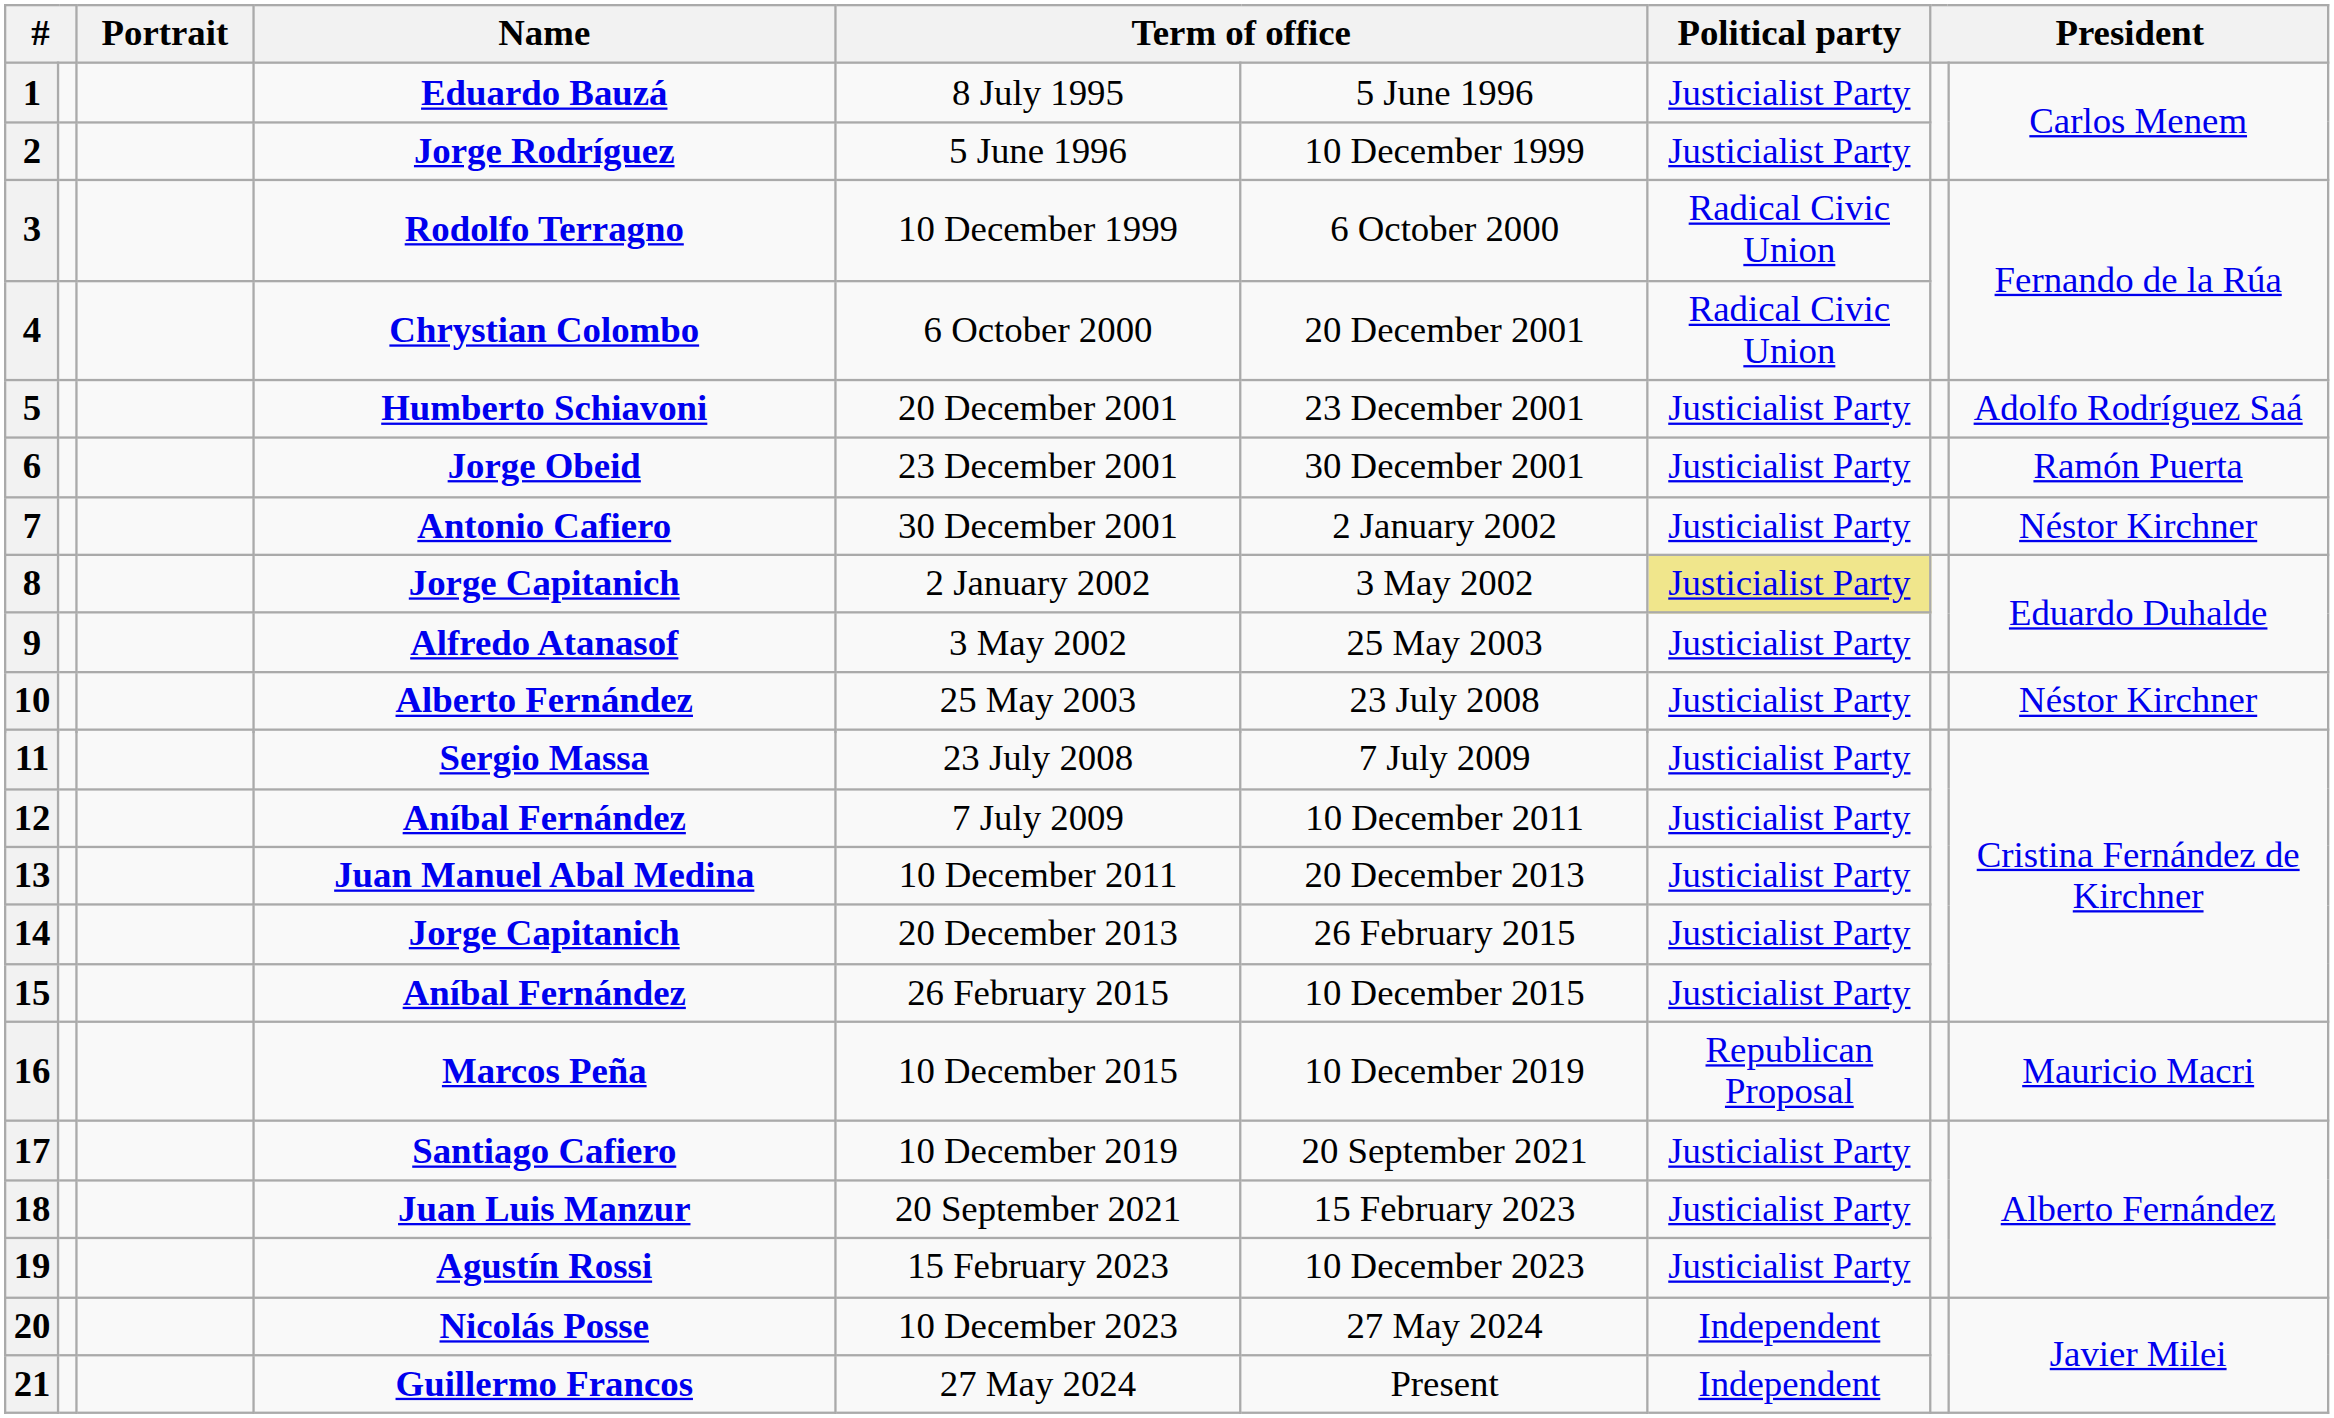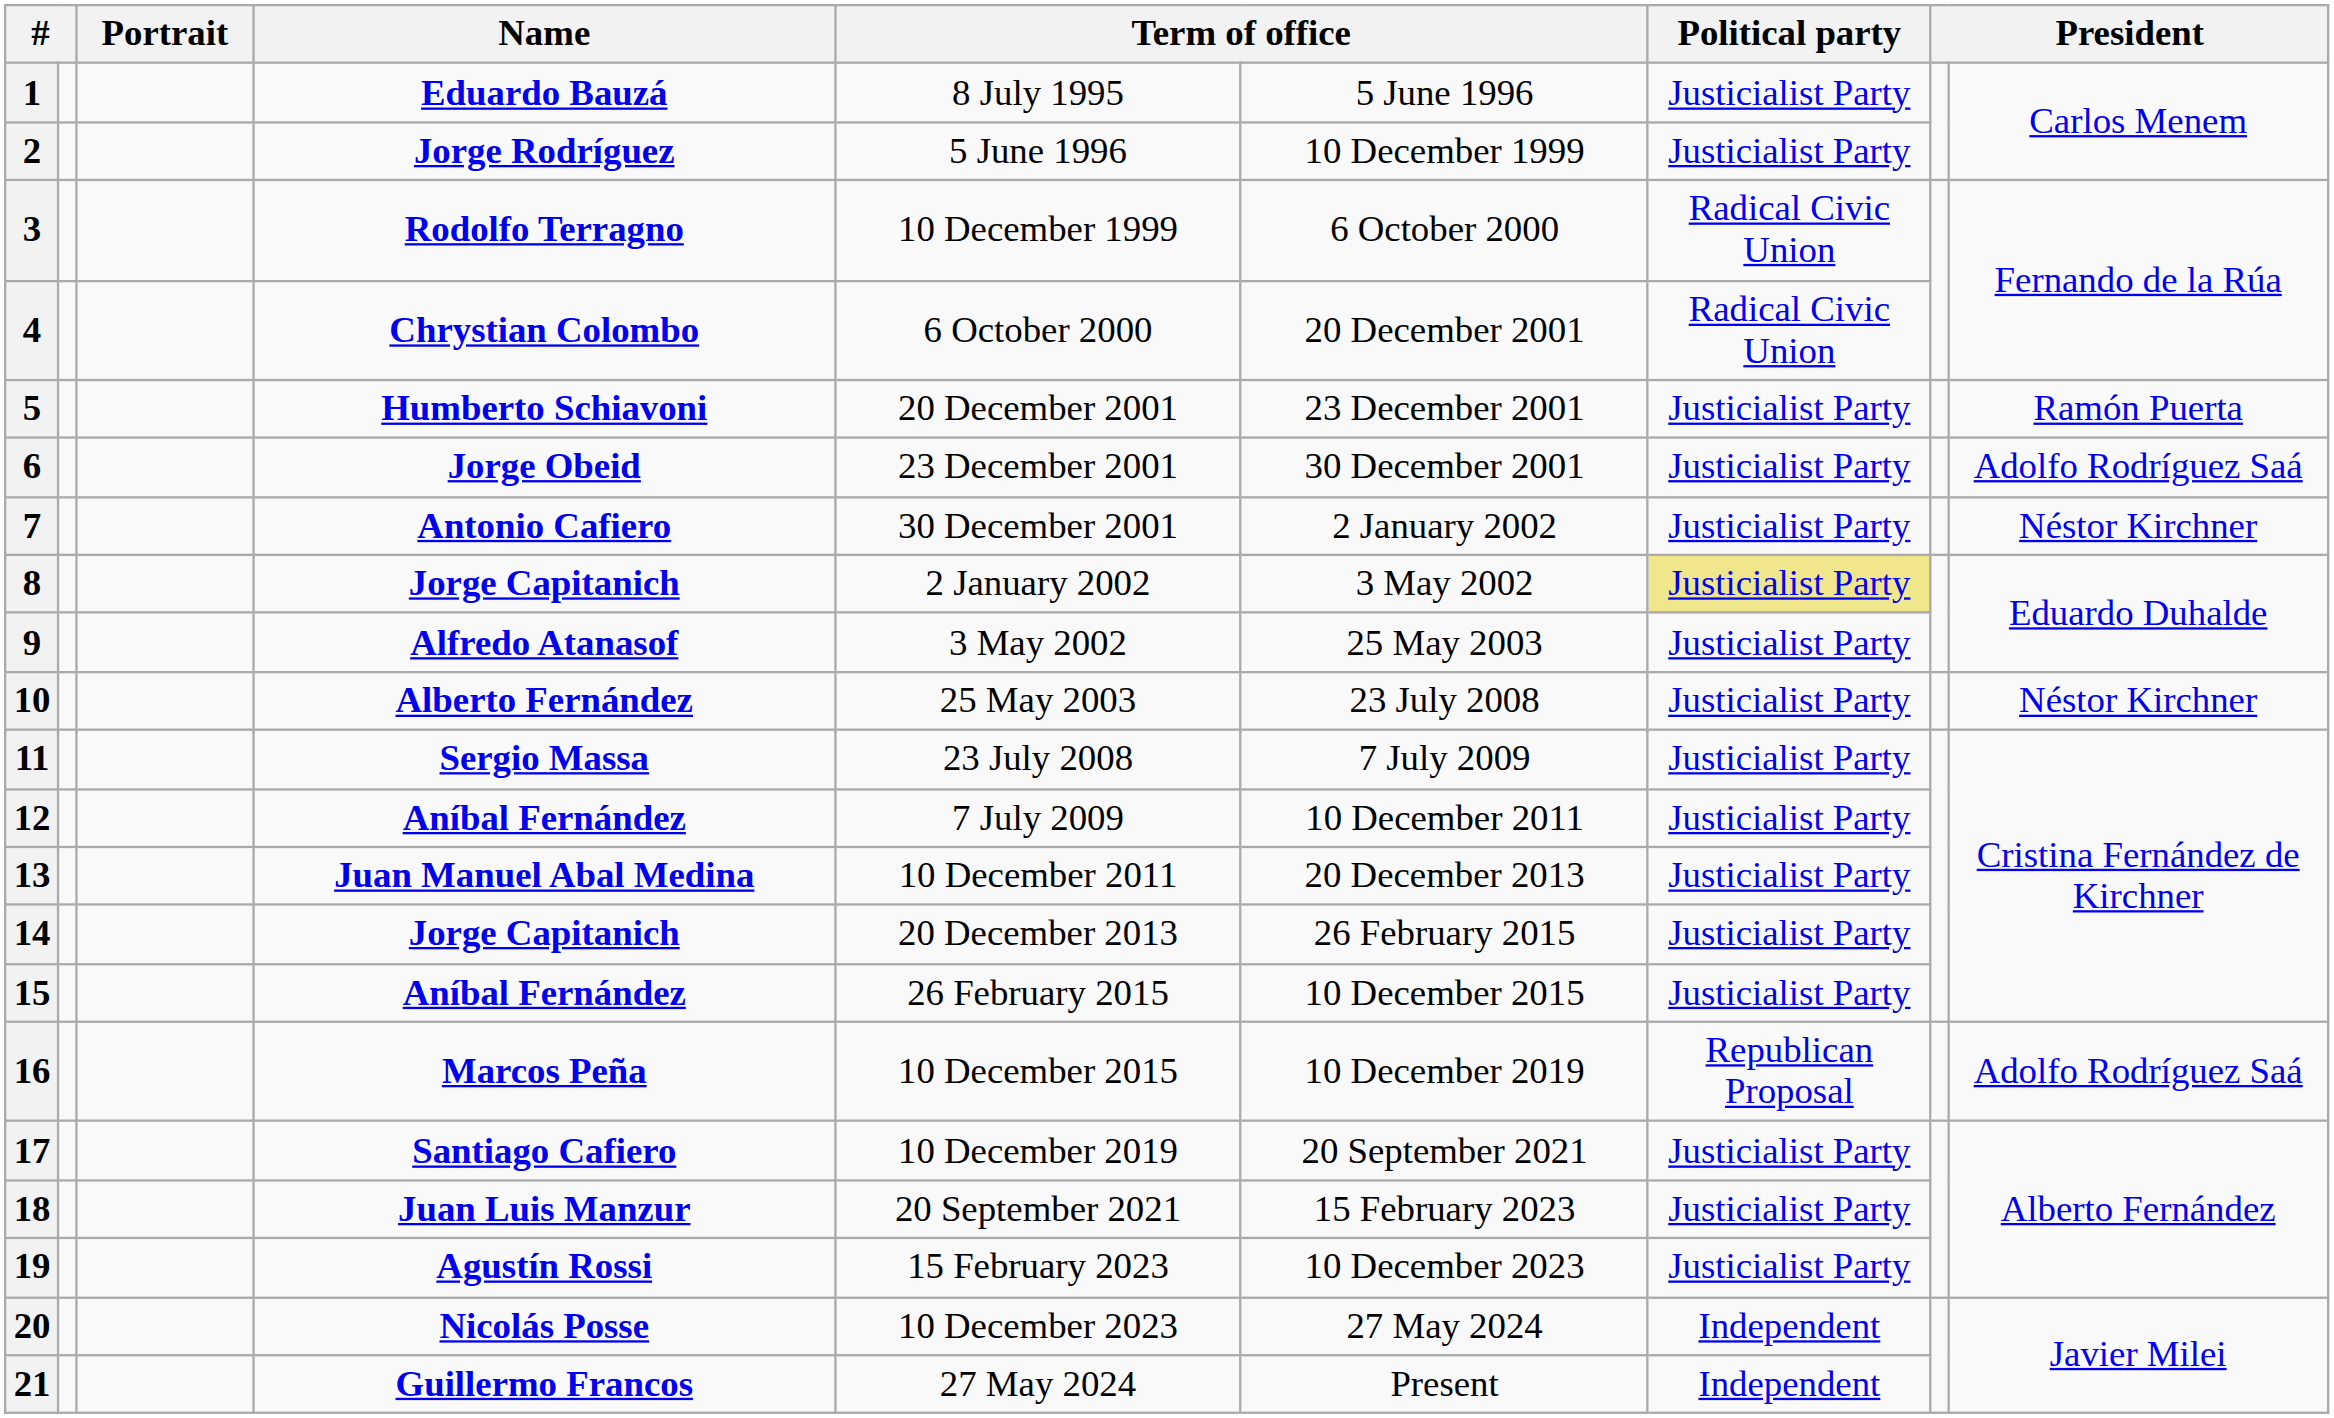 <table class="wikitable" style="width:80%; text-align:center;">
 <tr>
 <th colspan="2">#</th>
 <th width=70>Portrait</th>
 <th width=25%>Name<br></th>
 <th colspan="2" width=35%>Term of office</th>
 <th>Political party</th>
 <th colspan="2">President</th>
 </tr>
 <tr>
 <th>1</th>
 <td style="background-color: "></td>
 <td></td>
 <td><strong><a href='#'>Eduardo Bauzá</a></strong><br></td>
 <td>8 July 1995</td>
 <td>5 June 1996</td>
 <td><a href='#'>Justicialist Party</a></td>
 <td rowspan="2" style="background-color: "></td>
 <td rowspan="2" align="center"><a href='#'>Carlos Menem</a></td>
 </tr>
 <tr>
 <th>2</th>
 <td style="background-color: "></td>
 <td></td>
 <td><strong><a href='#'>Jorge Rodríguez</a></strong><br></td>
 <td>5 June 1996</td>
 <td>10 December 1999</td>
 <td><a href='#'>Justicialist Party</a></td>
 </tr>
 <tr>
 <th>3</th>
 <td style="background-color: "></td>
 <td></td>
 <td><strong><a href='#'>Rodolfo Terragno</a></strong><br></td>
 <td>10 December 1999</td>
 <td>6 October 2000</td>
 <td><a href='#'>Radical Civic Union</a></td>
 <td rowspan="2" style="background-color: "></td>
 <td rowspan="2" align="center"><a href='#'>Fernando de la Rúa</a></td>
 </tr>
 <tr>
 <th>4</th>
 <td style="background-color: "></td>
 <td></td>
 <td><strong><a href='#'>Chrystian Colombo</a></strong><br></td>
 <td>6 October 2000</td>
 <td>20 December 2001</td>
 <td><a href='#'>Radical Civic Union</a></td>
 </tr>
 <tr>
 <th>5</th>
 <td style="background-color: "></td>
 <td></td>
 <td><strong><a href='#'>Humberto Schiavoni</a></strong><br></td>
 <td>20 December 2001</td>
 <td>23 December 2001</td>
 <td><a href='#'>Justicialist Party</a></td>
 <td style="background-color: "></td>
-<td align="center"><a href='#'>Adolfo Rodríguez Saá</a></td>
+<td align="center"><a href='#'>Ramón Puerta</a></td>
 </tr>
 <tr>
 <th>6</th>
 <td style="background-color: "></td>
 <td></td>
 <td><strong><a href='#'>Jorge Obeid</a></strong><br></td>
 <td>23 December 2001</td>
 <td>30 December 2001</td>
 <td><a href='#'>Justicialist Party</a></td>
 <td style="background-color: "></td>
-<td align="center"><a href='#'>Ramón Puerta</a></td>
+<td align="center"><a href='#'>Adolfo Rodríguez Saá</a></td>
 </tr>
 <tr>
 <th>7</th>
 <td style="background-color: "></td>
 <td></td>
 <td><strong><a href='#'>Antonio Cafiero</a></strong><br></td>
 <td>30 December 2001</td>
 <td>2 January 2002</td>
 <td><a href='#'>Justicialist Party</a></td>
 <td style="background-color: "></td>
 <td align="center"><a href='#'>Néstor Kirchner</a></td>
 </tr>
 <tr>
 <th>8</th>
 <td style="background-color: "></td>
 <td></td>
 <td><strong><a href='#'>Jorge Capitanich</a></strong><br></td>
 <td>2 January 2002</td>
 <td>3 May 2002</td>
 <td style="background: khaki;"><a href='#'>Justicialist Party</a></td>
 <td rowspan="2" style="background-color: "></td>
 <td rowspan="2" align="center"><a href='#'>Eduardo Duhalde</a></td>
 </tr>
 <tr>
 <th>9</th>
 <td style="background-color: "></td>
 <td></td>
 <td><strong><a href='#'>Alfredo Atanasof</a></strong><br></td>
 <td>3 May 2002</td>
 <td>25 May 2003</td>
 <td><a href='#'>Justicialist Party</a></td>
 </tr>
 <tr>
 <th rowspan="2">10</th>
 <td rowspan="2" style="background-color: "></td>
 <td rowspan="2"></td>
 <td rowspan="2"><strong><a href='#'>Alberto Fernández</a></strong><br></td>
 <td rowspan="2">25 May 2003</td>
 <td rowspan="2">23 July 2008</td>
 <td rowspan="2"><a href='#'>Justicialist Party</a></td>
 <td style="background-color: "></td>
 <td align="center"><a href='#'>Néstor Kirchner</a></td>
 </tr>
 <tr>
 <td rowspan="6" style="background-color: "></td>
 <td rowspan="6" align="center"><a href='#'>Cristina Fernández de Kirchner</a></td>
 </tr>
 <tr>
 <th>11</th>
 <td style="background-color: "></td>
 <td></td>
 <td><strong><a href='#'>Sergio Massa</a></strong><br></td>
 <td>23 July 2008</td>
 <td>7 July 2009</td>
 <td><a href='#'>Justicialist Party</a></td>
 </tr>
 <tr>
 <th>12</th>
 <td style="background-color: "></td>
 <td></td>
 <td><strong><a href='#'>Aníbal Fernández</a></strong><br></td>
 <td>7 July 2009</td>
 <td>10 December 2011</td>
 <td><a href='#'>Justicialist Party</a></td>
 </tr>
 <tr>
 <th>13</th>
 <td style="background-color: "></td>
 <td></td>
 <td><strong><a href='#'>Juan Manuel Abal Medina</a></strong><br></td>
 <td>10 December 2011</td>
 <td>20 December 2013</td>
 <td><a href='#'>Justicialist Party</a></td>
 </tr>
 <tr>
 <th>14</th>
 <td style="background-color: "></td>
 <td></td>
 <td><strong><a href='#'>Jorge Capitanich</a></strong><br></td>
 <td>20 December 2013</td>
 <td>26 February 2015</td>
 <td><a href='#'>Justicialist Party</a></td>
 </tr>
 <tr>
 <th>15</th>
 <td style="background-color: "></td>
 <td></td>
 <td><strong><a href='#'>Aníbal Fernández</a></strong><br></td>
 <td>26 February 2015</td>
 <td>10 December 2015</td>
 <td><a href='#'>Justicialist Party</a></td>
 </tr>
 <tr>
 <th>16</th>
 <td style="background-color: "></td>
 <td></td>
 <td><strong><a href='#'>Marcos Peña</a></strong><br></td>
 <td>10 December 2015</td>
 <td>10 December 2019</td>
 <td><a href='#'>Republican Proposal</a></td>
 <td style="background-color: "></td>
-<td align="center"><a href='#'>Mauricio Macri</a></td>
+<td align="center"><a href='#'>Adolfo Rodríguez Saá</a></td>
 </tr>
 <tr>
 <th>17</th>
 <td style="background-color: "></td>
 <td></td>
 <td><strong><a href='#'>Santiago Cafiero</a></strong><br></td>
 <td>10 December 2019</td>
 <td>20 September 2021</td>
 <td><a href='#'>Justicialist Party</a></td>
 <td rowspan="3" style="background-color: "></td>
 <td rowspan="3"><a href='#'>Alberto Fernández</a></td>
 </tr>
 <tr>
 <th>18</th>
 <td style="background-color: "></td>
 <td></td>
 <td><strong><a href='#'>Juan Luis Manzur</a></strong><br></td>
 <td>20 September 2021</td>
 <td>15 February 2023</td>
 <td><a href='#'>Justicialist Party</a></td>
 </tr>
 <tr>
 <th>19</th>
 <td style="background-color: "></td>
 <td></td>
 <td><strong><a href='#'>Agustín Rossi</a></strong><br></td>
 <td>15 February 2023</td>
 <td>10 December 2023</td>
 <td><a href='#'>Justicialist Party</a></td>
 </tr>
 <tr>
 <th>20</th>
 <td style="background-color: "></td>
 <td></td>
 <td><strong><a href='#'>Nicolás Posse</a></strong><br></td>
 <td>10 December 2023</td>
 <td>27 May 2024</td>
 <td><a href='#'>Independent</a></td>
 <td rowspan="2" style="background-color: "></td>
 <td rowspan="2"><a href='#'>Javier Milei</a></td>
 </tr>
 <tr>
 <th>21</th>
 <td style="background-color: "></td>
 <td></td>
 <td><strong><a href='#'>Guillermo Francos</a></strong><br></td>
 <td>27 May 2024</td>
 <td>Present</td>
 <td><a href='#'>Independent</a></td>
 </tr>
 </table>
